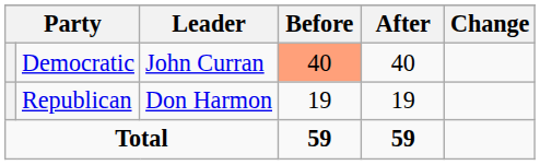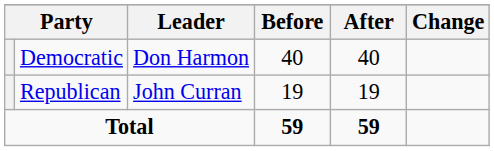 <table class="wikitable" style="text-align:center;">
 <tr>
 </tr>
 <tr>
 <th colspan="2">Party</th>
 <th>Leader</th>
 <th style="width:3em">Before</th>
 <th style="width:3em">After</th>
 <th style="width:3em">Change</th>
 </tr>
 <tr>
 <th style="background-color:"></th>
 <td style="text-align:left;"><a href='#'>Democratic</a></td>
-<td style="text-align:left;"><a href='#'>John Curran</a></td>
-<td style="background: lightsalmon;">40</td>
+<td style="text-align:left;"><a href='#'>Don Harmon</a></td>
+<td>40</td>
 <td>40</td>
 <td></td>
 </tr>
 <tr>
 <th style="background-color:"></th>
 <td style="text-align:left;"><a href='#'>Republican</a></td>
-<td style="text-align:left;"><a href='#'>Don Harmon</a></td>
+<td style="text-align:left;"><a href='#'>John Curran</a></td>
 <td>19</td>
 <td>19</td>
 <td></td>
 </tr>
 <tr>
 <td colspan="3"><strong>Total</strong></td>
 <td><strong>59</strong></td>
 <td><strong>59</strong></td>
 <td></td>
 </tr>
 </table>
